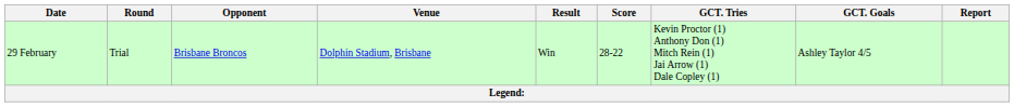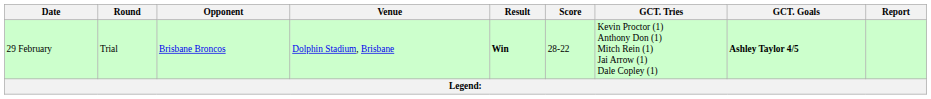 <table class="wikitable" style="font-size:80%; width:100%;">
 <tr>
 <th>Date</th>
 <th>Round</th>
 <th>Opponent</th>
 <th>Venue</th>
 <th>Result</th>
 <th>Score</th>
 <th>GCT. Tries</th>
 <th>GCT. Goals</th>
 <th>Report</th>
 </tr>
 <tr style="background:#CCFFCC">
 <td>29 February</td>
 <td>Trial</td>
 <td> <a href='#'>Brisbane Broncos</a></td>
 <td><a href='#'>Dolphin Stadium</a>, <a href='#'>Brisbane</a></td>
-<td>Win</td>
+<td><strong>Win</strong></td>
 <td>28-22</td>
 <td>Kevin Proctor (1)<br>Anthony Don (1)<br>Mitch Rein (1)<br> Jai Arrow (1)<br> Dale Copley (1)</td>
-<td>Ashley Taylor 4/5</td>
+<td><strong>Ashley Taylor 4/5</strong></td>
 <td></td>
 </tr>
 <tr>
 <th colspan="9"><strong>Legend</strong>:<br>   </th>
 </tr>
 </table>
